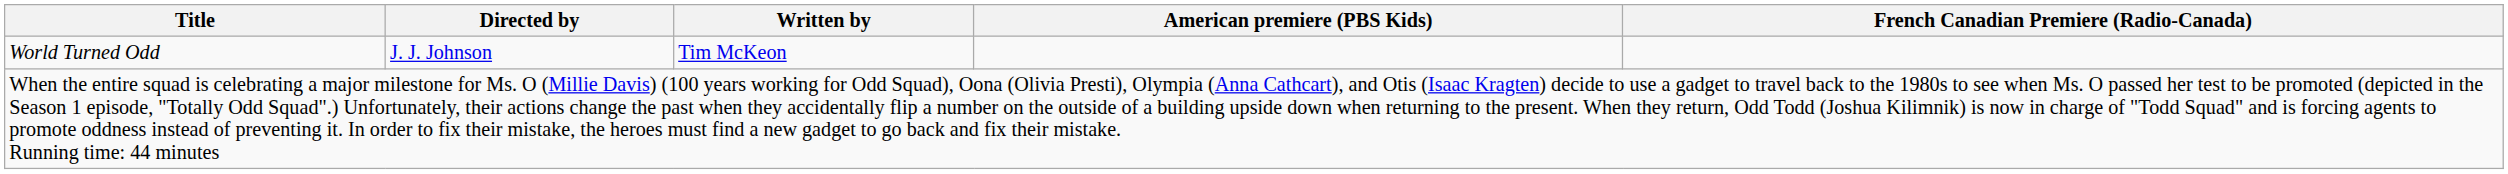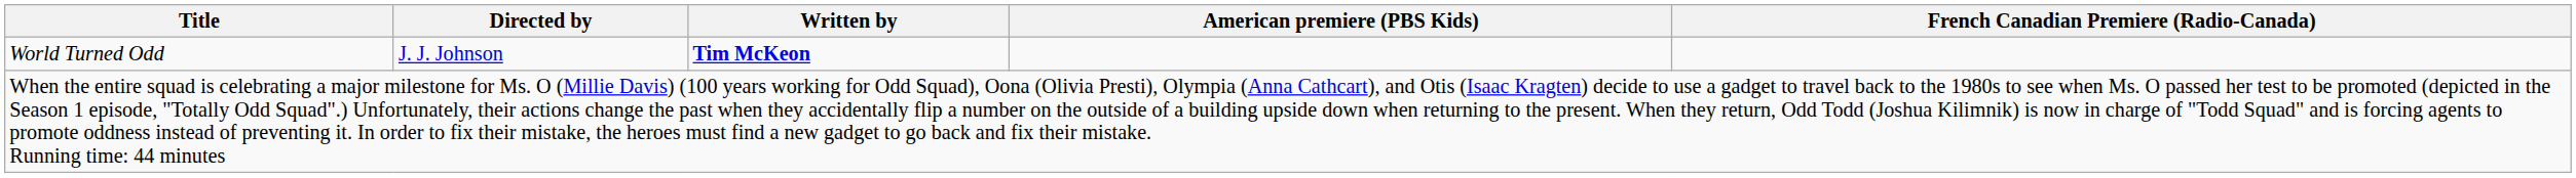 <table class="wikitable" style="width:100%">
 <tr>
 <th>Title</th>
 <th>Directed by</th>
 <th>Written by</th>
 <th>American premiere (PBS Kids)</th>
 <th>French Canadian Premiere (Radio-Canada)</th>
 </tr>
 <tr>
 <td><em>World Turned Odd</em></td>
 <td><a href='#'>J. J. Johnson</a></td>
-<td><a href='#'>Tim McKeon</a></td>
+<td><strong><a href='#'>Tim McKeon</a></strong></td>
 <td></td>
 <td></td>
 </tr>
 <tr>
 <td colspan="5">When the entire squad is celebrating a major milestone for Ms. O (<a href='#'>Millie Davis</a>) (100 years working for Odd Squad), Oona (Olivia Presti), Olympia (<a href='#'>Anna Cathcart</a>), and Otis (<a href='#'>Isaac Kragten</a>) decide to use a gadget to travel back to the 1980s to see when Ms. O passed her test to be promoted (depicted in the Season 1 episode, "Totally Odd Squad".) Unfortunately, their actions change the past when they accidentally flip a number on the outside of a building upside down when returning to the present. When they return, Odd Todd (Joshua Kilimnik) is now in charge of "Todd Squad" and is forcing agents to promote oddness instead of preventing it. In order to fix their mistake, the heroes must find a new gadget to go back and fix their mistake.<br>Running time: 44 minutes</td>
 </tr>
 </table>
